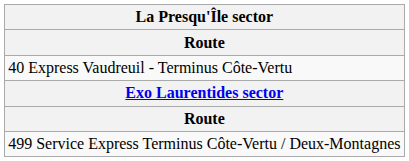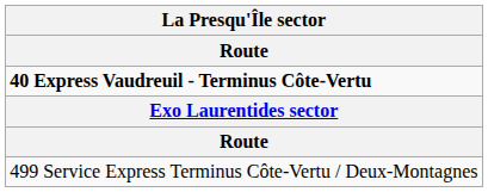 <table align=center class="wikitable">
 <tr>
 <th style="background: #">La Presqu'Île sector</th>
 </tr>
 <tr>
 <th>Route</th>
 </tr>
 <tr>
-<td>40 Express Vaudreuil - Terminus Côte-Vertu</td>
+<td><strong>40 Express Vaudreuil - Terminus Côte-Vertu</strong></td>
 </tr>
 <tr>
 <th style="background: #"><a href='#'>Exo Laurentides sector</a></th>
 </tr>
 <tr>
 <th>Route</th>
 </tr>
 <tr>
 <td>499 Service Express Terminus Côte-Vertu / Deux-Montagnes</td>
 </tr>
 </table>
